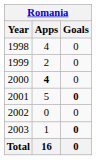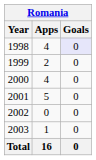 <table class="wikitable" style="text-align:center">
 <tr>
 <th colspan=3><a href='#'>Romania</a></th>
 </tr>
 <tr>
 <th>Year</th>
 <th>Apps</th>
 <th>Goals</th>
 </tr>
 <tr>
 <td>1998</td>
 <td>4</td>
-<td>0</td>
+<td style="background: lavender;">0</td>
 </tr>
 <tr>
 <td>1999</td>
 <td>2</td>
 <td>0</td>
 </tr>
 <tr>
 <td>2000</td>
-<td><strong>4</strong></td>
+<td>4</td>
 <td>0</td>
 </tr>
 <tr>
 <td>2001</td>
 <td>5</td>
-<td><strong>0</strong></td>
+<td>0</td>
 </tr>
 <tr>
 <td>2002</td>
 <td>0</td>
 <td>0</td>
 </tr>
 <tr>
 <td>2003</td>
 <td>1</td>
-<td><strong>0</strong></td>
+<td>0</td>
 </tr>
 <tr>
 <th>Total</th>
 <th>16</th>
 <th>0</th>
 </tr>
 </table>
